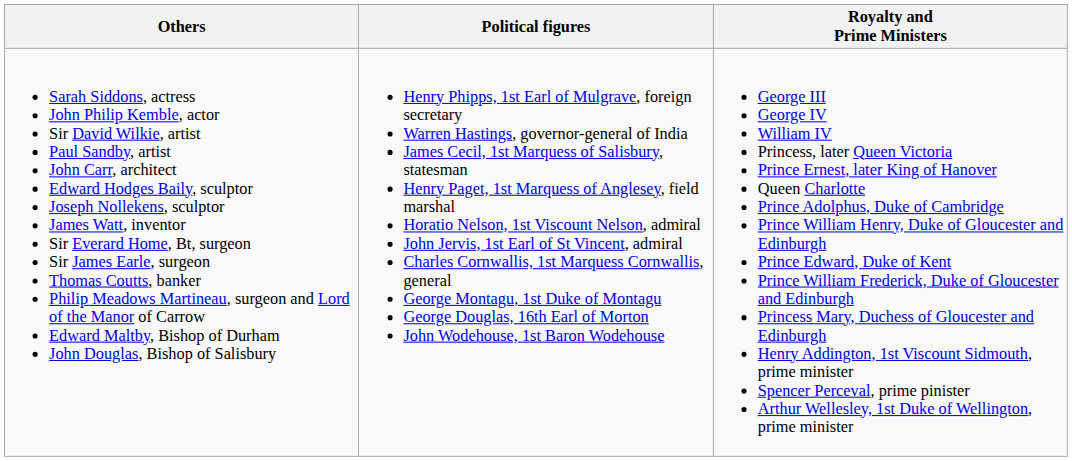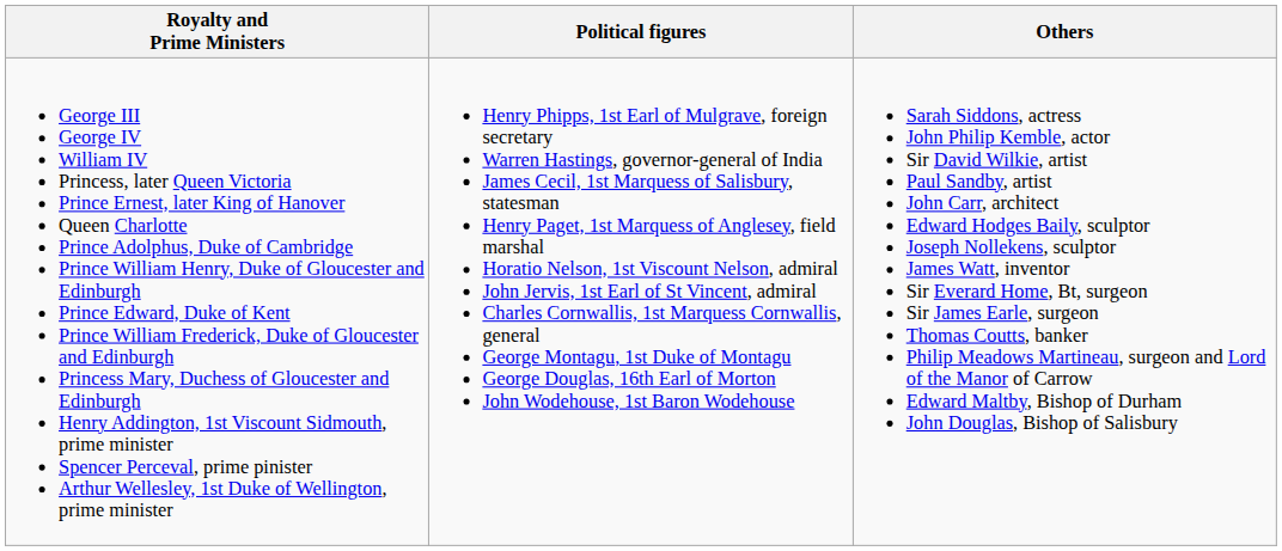 <table class="wikitable">
 <tr>
+<th>Royalty and<br>Prime Ministers</th>
+<th>Political figures</th>
 <th>Others</th>
-<th>Political figures</th>
-<th>Royalty and<br>Prime Ministers</th>
 </tr>
 <tr valign="top">
+<td width="340pt"><br><ul><li><a href='#'>George III</a></li><li><a href='#'>George IV</a></li><li><a href='#'>William IV</a></li><li>Princess, later <a href='#'>Queen Victoria</a></li><li><a href='#'>Prince Ernest, later King of Hanover</a></li><li>Queen <a href='#'>Charlotte</a></li><li><a href='#'>Prince Adolphus, Duke of Cambridge</a></li><li><a href='#'>Prince William Henry, Duke of Gloucester and Edinburgh</a></li><li><a href='#'>Prince Edward, Duke of Kent</a></li><li><a href='#'>Prince William Frederick, Duke of Gloucester and Edinburgh</a></li><li><a href='#'>Princess Mary, Duchess of Gloucester and Edinburgh</a></li><li><a href='#'>Henry Addington, 1st Viscount Sidmouth</a>, prime minister</li><li><a href='#'>Spencer Perceval</a>, prime pinister</li><li><a href='#'>Arthur Wellesley, 1st Duke of Wellington</a>, prime minister</li></ul></td>
+<td width="340pt"><br><ul><li><a href='#'>Henry Phipps, 1st Earl of Mulgrave</a>, foreign secretary</li><li><a href='#'>Warren Hastings</a>, governor-general of India</li><li><a href='#'>James Cecil, 1st Marquess of Salisbury</a>, statesman</li><li><a href='#'>Henry Paget, 1st Marquess of Anglesey</a>, field marshal</li><li><a href='#'>Horatio Nelson, 1st Viscount Nelson</a>, admiral</li><li><a href='#'>John Jervis, 1st Earl of St Vincent</a>, admiral</li><li><a href='#'>Charles Cornwallis, 1st Marquess Cornwallis</a>, general</li><li><a href='#'>George Montagu, 1st Duke of Montagu</a></li><li><a href='#'>George Douglas, 16th Earl of Morton</a></li><li><a href='#'>John Wodehouse, 1st Baron Wodehouse</a></li></ul></td>
 <td width="340pt"><br><ul><li><a href='#'>Sarah Siddons</a>, actress</li><li><a href='#'>John Philip Kemble</a>, actor</li><li>Sir <a href='#'>David Wilkie</a>, artist</li><li><a href='#'>Paul Sandby</a>, artist</li><li><a href='#'>John Carr</a>, architect</li><li><a href='#'>Edward Hodges Baily</a>, sculptor</li><li><a href='#'>Joseph Nollekens</a>, sculptor</li><li><a href='#'>James Watt</a>, inventor</li><li>Sir <a href='#'>Everard Home</a>, Bt, surgeon</li><li>Sir <a href='#'>James Earle</a>, surgeon</li><li><a href='#'>Thomas Coutts</a>, banker</li><li><a href='#'>Philip Meadows Martineau</a>, surgeon and <a href='#'>Lord of the Manor</a> of Carrow</li><li><a href='#'>Edward Maltby</a>, Bishop of Durham</li><li><a href='#'>John Douglas</a>, Bishop of Salisbury</li></ul></td>
-<td width="340pt"><br><ul><li><a href='#'>Henry Phipps, 1st Earl of Mulgrave</a>, foreign secretary</li><li><a href='#'>Warren Hastings</a>, governor-general of India</li><li><a href='#'>James Cecil, 1st Marquess of Salisbury</a>, statesman</li><li><a href='#'>Henry Paget, 1st Marquess of Anglesey</a>, field marshal</li><li><a href='#'>Horatio Nelson, 1st Viscount Nelson</a>, admiral</li><li><a href='#'>John Jervis, 1st Earl of St Vincent</a>, admiral</li><li><a href='#'>Charles Cornwallis, 1st Marquess Cornwallis</a>, general</li><li><a href='#'>George Montagu, 1st Duke of Montagu</a></li><li><a href='#'>George Douglas, 16th Earl of Morton</a></li><li><a href='#'>John Wodehouse, 1st Baron Wodehouse</a></li></ul></td>
-<td width="340pt"><br><ul><li><a href='#'>George III</a></li><li><a href='#'>George IV</a></li><li><a href='#'>William IV</a></li><li>Princess, later <a href='#'>Queen Victoria</a></li><li><a href='#'>Prince Ernest, later King of Hanover</a></li><li>Queen <a href='#'>Charlotte</a></li><li><a href='#'>Prince Adolphus, Duke of Cambridge</a></li><li><a href='#'>Prince William Henry, Duke of Gloucester and Edinburgh</a></li><li><a href='#'>Prince Edward, Duke of Kent</a></li><li><a href='#'>Prince William Frederick, Duke of Gloucester and Edinburgh</a></li><li><a href='#'>Princess Mary, Duchess of Gloucester and Edinburgh</a></li><li><a href='#'>Henry Addington, 1st Viscount Sidmouth</a>, prime minister</li><li><a href='#'>Spencer Perceval</a>, prime pinister</li><li><a href='#'>Arthur Wellesley, 1st Duke of Wellington</a>, prime minister</li></ul></td>
 </tr>
 </table>
